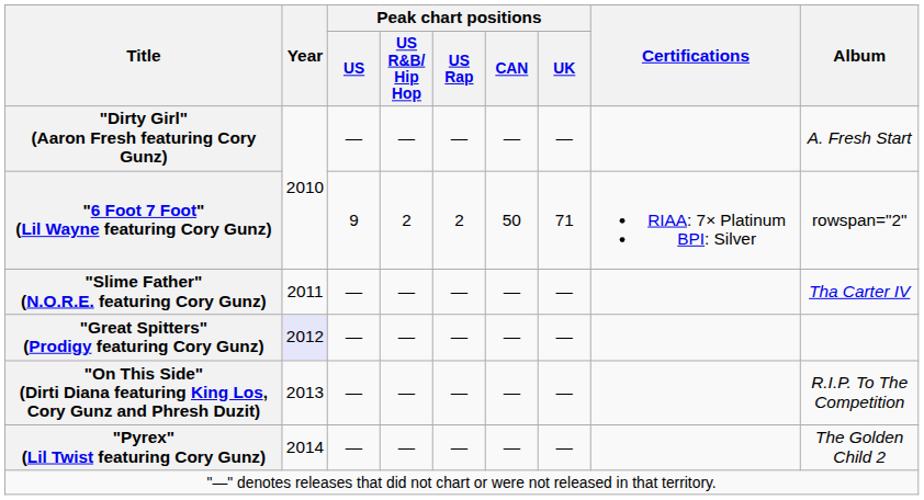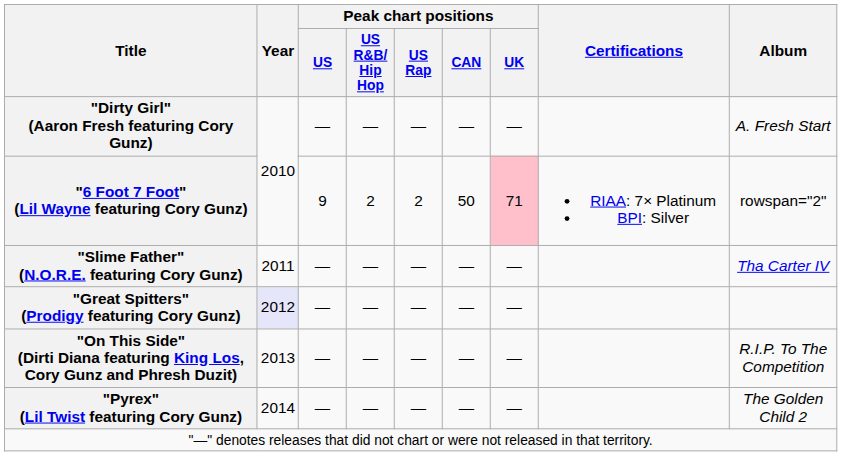 <table class="wikitable plainrowheaders" style="text-align:center;">
 <tr>
 <th scope="col" rowspan="2" style="width:16em;">Title</th>
 <th scope="col" rowspan="2">Year</th>
 <th scope="col" colspan="5">Peak chart positions</th>
 <th scope="col" rowspan="2" style="width:12em;"><a href='#'>Certifications</a></th>
 <th scope="col" rowspan="2">Album</th>
 </tr>
 <tr>
 <th scope="col" style="width:3em;font-size:90%;"><a href='#'>US</a><br></th>
 <th scope="col" style="width:3em;font-size:90%;"><a href='#'>US<br>R&B/<br>Hip Hop</a><br></th>
 <th scope="col" style="width:3em;font-size:90%;"><a href='#'>US<br>Rap</a><br></th>
 <th scope="col" style="width:3em;font-size:90%;"><a href='#'>CAN</a><br></th>
 <th scope="col" style="width:3em;font-size:90%;"><a href='#'>UK</a><br></th>
 </tr>
 <tr>
 <th scope="row">"Dirty Girl" <br><span>(Aaron Fresh featuring Cory Gunz)</span></th>
 <td rowspan="2">2010</td>
 <td>—</td>
 <td>—</td>
 <td>—</td>
 <td>—</td>
 <td>—</td>
 <td></td>
 <td><em>A. Fresh Start</em></td>
 </tr>
 <tr>
 <th scope="row">"<a href='#'>6 Foot 7 Foot</a>"<br><span>(<a href='#'>Lil Wayne</a> featuring Cory Gunz)</span></th>
 <td>9</td>
 <td>2</td>
 <td>2</td>
 <td>50</td>
-<td>71</td>
+<td style="background: pink;">71</td>
 <td><br><ul><li><a href='#'>RIAA</a>: 7× Platinum</li><li><a href='#'>BPI</a>: Silver</li></ul></td>
 <td>rowspan="2" </td>
 </tr>
 <tr>
 <th scope="row">"Slime Father"<br><span>(<a href='#'>N.O.R.E.</a> featuring Cory Gunz)</span></th>
 <td>2011</td>
 <td>—</td>
 <td>—</td>
 <td>—</td>
 <td>—</td>
 <td>—</td>
 <td></td>
 <td><em><a href='#'>Tha Carter IV</a></em></td>
 </tr>
 <tr>
 <th scope="row">"Great Spitters"<br><span>(<a href='#'>Prodigy</a> featuring Cory Gunz)</span></th>
 <td style="background: lavender;">2012</td>
 <td>—</td>
 <td>—</td>
 <td>—</td>
 <td>—</td>
 <td>—</td>
 <td></td>
 </tr>
 <tr>
 <th scope="row">"On This Side"<br><span>(Dirti Diana featuring <a href='#'>King Los</a>, Cory Gunz and Phresh Duzit)</span></th>
 <td>2013</td>
 <td>—</td>
 <td>—</td>
 <td>—</td>
 <td>—</td>
 <td>—</td>
 <td></td>
 <td><em>R.I.P. To The Competition</em></td>
 </tr>
 <tr>
 <th scope="row">"Pyrex"<br><span>(<a href='#'>Lil Twist</a> featuring Cory Gunz)</span></th>
 <td>2014</td>
 <td>—</td>
 <td>—</td>
 <td>—</td>
 <td>—</td>
 <td>—</td>
 <td></td>
 <td><em>The Golden Child 2</em></td>
 </tr>
 <tr>
 <td colspan="14" style="font-size:90%">"—" denotes releases that did not chart or were not released in that territory.</td>
 </tr>
 </table>
